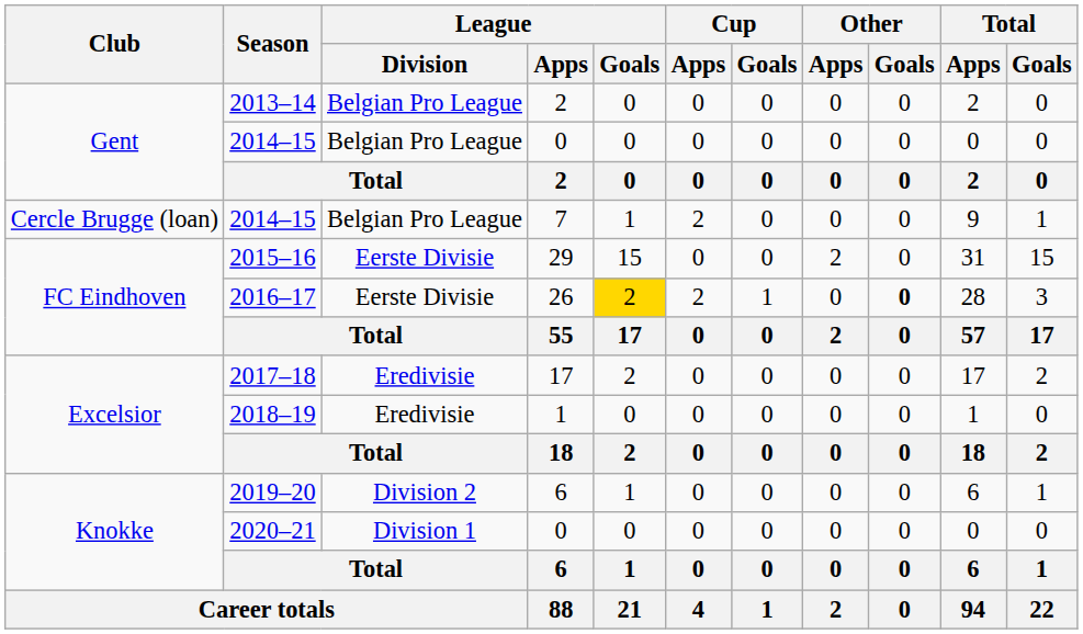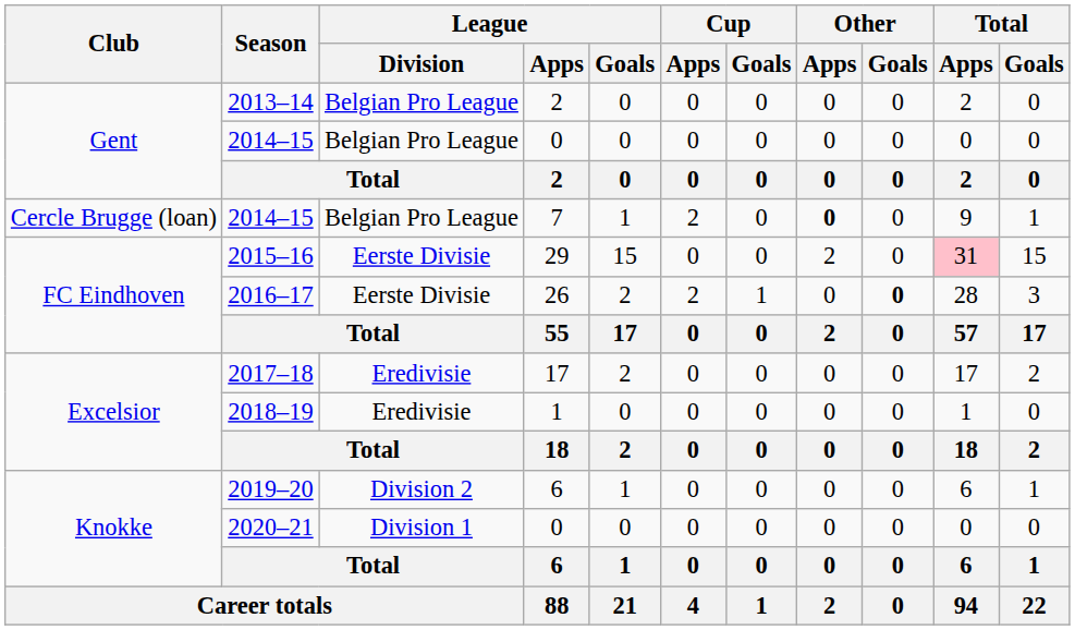 <table class="wikitable" style="text-align: center">
 <tr>
 <th rowspan="2">Club</th>
 <th rowspan="2">Season</th>
 <th colspan="3">League</th>
 <th colspan="2">Cup</th>
 <th colspan="2">Other</th>
 <th colspan="2">Total</th>
 </tr>
 <tr>
 <th>Division</th>
 <th>Apps</th>
 <th>Goals</th>
 <th>Apps</th>
 <th>Goals</th>
 <th>Apps</th>
 <th>Goals</th>
 <th>Apps</th>
 <th>Goals</th>
 </tr>
 <tr>
 <td rowspan="3"><a href='#'>Gent</a></td>
 <td><a href='#'>2013–14</a></td>
 <td><a href='#'>Belgian Pro League</a></td>
 <td>2</td>
 <td>0</td>
 <td>0</td>
 <td>0</td>
 <td>0</td>
 <td>0</td>
 <td>2</td>
 <td>0</td>
 </tr>
 <tr>
 <td><a href='#'>2014–15</a></td>
 <td>Belgian Pro League</td>
 <td>0</td>
 <td>0</td>
 <td>0</td>
 <td>0</td>
 <td>0</td>
 <td>0</td>
 <td>0</td>
 <td>0</td>
 </tr>
 <tr>
 <th colspan="2">Total</th>
 <th>2</th>
 <th>0</th>
 <th>0</th>
 <th>0</th>
 <th>0</th>
 <th>0</th>
 <th>2</th>
 <th>0</th>
 </tr>
 <tr>
 <td><a href='#'>Cercle Brugge</a> (loan)</td>
 <td><a href='#'>2014–15</a></td>
 <td>Belgian Pro League</td>
 <td>7</td>
 <td>1</td>
 <td>2</td>
 <td>0</td>
-<td>0</td>
+<td><strong>0</strong></td>
 <td>0</td>
 <td>9</td>
 <td>1</td>
 </tr>
 <tr>
 <td rowspan="3"><a href='#'>FC Eindhoven</a></td>
 <td><a href='#'>2015–16</a></td>
 <td><a href='#'>Eerste Divisie</a></td>
 <td>29</td>
 <td>15</td>
 <td>0</td>
 <td>0</td>
 <td>2</td>
 <td>0</td>
-<td>31</td>
+<td style="background: pink;">31</td>
 <td>15</td>
 </tr>
 <tr>
 <td><a href='#'>2016–17</a></td>
 <td>Eerste Divisie</td>
 <td>26</td>
-<td style="background: gold;">2</td>
+<td>2</td>
 <td>2</td>
 <td>1</td>
 <td>0</td>
 <td><strong>0</strong></td>
 <td>28</td>
 <td>3</td>
 </tr>
 <tr>
 <th colspan="2">Total</th>
 <th>55</th>
 <th>17</th>
 <th>0</th>
 <th>0</th>
 <th>2</th>
 <th>0</th>
 <th>57</th>
 <th>17</th>
 </tr>
 <tr>
 <td rowspan="3"><a href='#'>Excelsior</a></td>
 <td><a href='#'>2017–18</a></td>
 <td><a href='#'>Eredivisie</a></td>
 <td>17</td>
 <td>2</td>
 <td>0</td>
 <td>0</td>
 <td>0</td>
 <td>0</td>
 <td>17</td>
 <td>2</td>
 </tr>
 <tr>
 <td><a href='#'>2018–19</a></td>
 <td>Eredivisie</td>
 <td>1</td>
 <td>0</td>
 <td>0</td>
 <td>0</td>
 <td>0</td>
 <td>0</td>
 <td>1</td>
 <td>0</td>
 </tr>
 <tr>
 <th colspan="2">Total</th>
 <th>18</th>
 <th>2</th>
 <th>0</th>
 <th>0</th>
 <th>0</th>
 <th>0</th>
 <th>18</th>
 <th>2</th>
 </tr>
 <tr>
 <td rowspan="3"><a href='#'>Knokke</a></td>
 <td><a href='#'>2019–20</a></td>
 <td><a href='#'>Division 2</a></td>
 <td>6</td>
 <td>1</td>
 <td>0</td>
 <td>0</td>
 <td>0</td>
 <td>0</td>
 <td>6</td>
 <td>1</td>
 </tr>
 <tr>
 <td><a href='#'>2020–21</a></td>
 <td><a href='#'>Division 1</a></td>
 <td>0</td>
 <td>0</td>
 <td>0</td>
 <td>0</td>
 <td>0</td>
 <td>0</td>
 <td>0</td>
 <td>0</td>
 </tr>
 <tr>
 <th colspan="2">Total</th>
 <th>6</th>
 <th>1</th>
 <th>0</th>
 <th>0</th>
 <th>0</th>
 <th>0</th>
 <th>6</th>
 <th>1</th>
 </tr>
 <tr>
 <th colspan="3">Career totals</th>
 <th>88</th>
 <th>21</th>
 <th>4</th>
 <th>1</th>
 <th>2</th>
 <th>0</th>
 <th>94</th>
 <th>22</th>
 </tr>
 </table>
